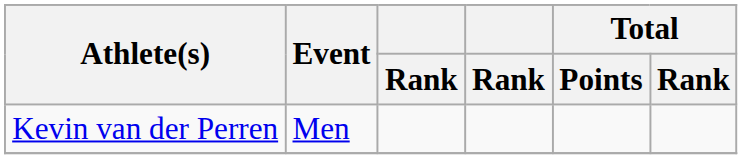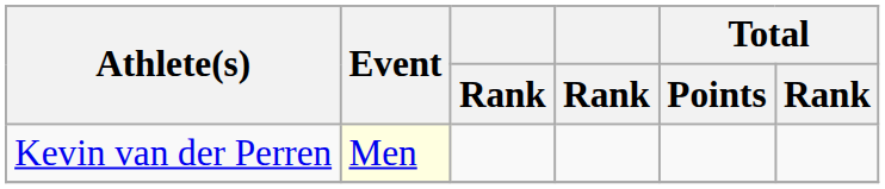 <table class="wikitable">
 <tr>
 <th rowspan="2">Athlete(s)</th>
 <th rowspan="2">Event</th>
 <th></th>
 <th></th>
 <th colspan="2">Total</th>
 </tr>
 <tr>
 <th>Rank</th>
 <th>Rank</th>
 <th>Points</th>
 <th>Rank</th>
 </tr>
 <tr>
 <td><a href='#'>Kevin van der Perren</a></td>
-<td><a href='#'>Men</a></td>
+<td style="background: lightyellow;"><a href='#'>Men</a></td>
 <td></td>
 <td></td>
 <td></td>
 <td></td>
 </tr>
 <tr>
 </tr>
 </table>
